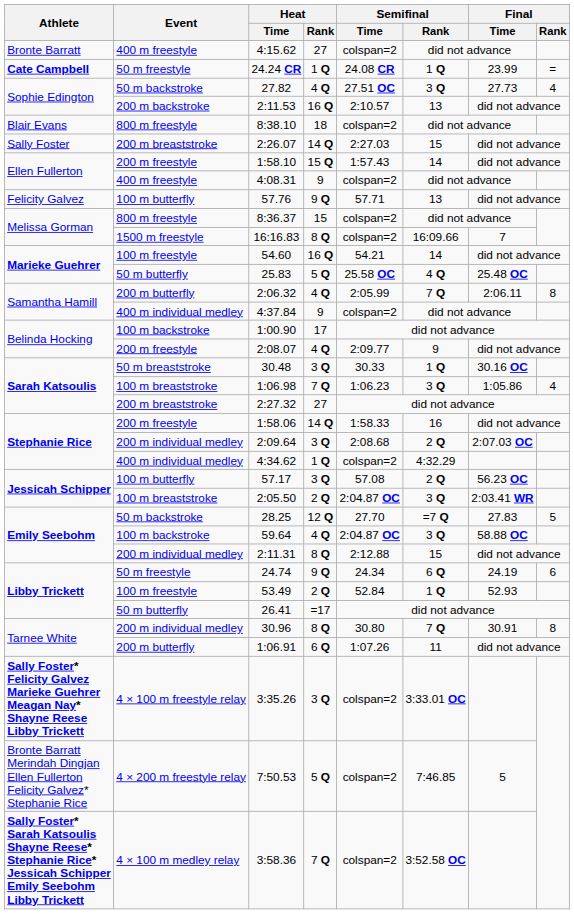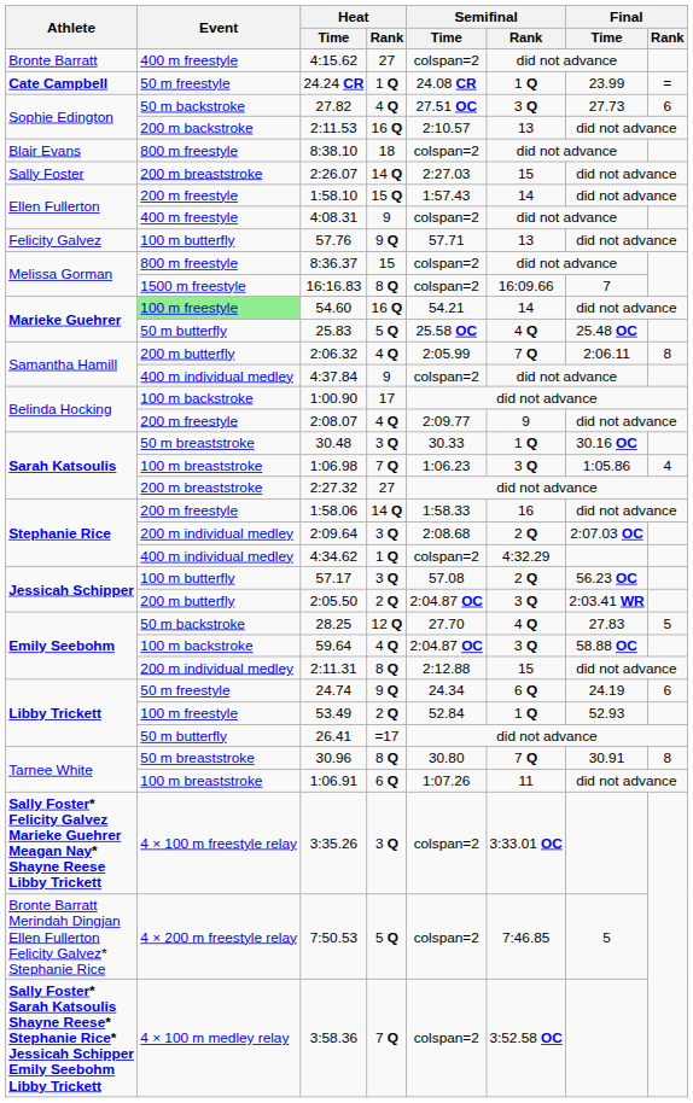 <table class=wikitable style="font-size:90%">
 <tr>
 <th rowspan="2">Athlete</th>
 <th rowspan="2">Event</th>
 <th colspan="2">Heat</th>
 <th colspan="2">Semifinal</th>
 <th colspan="2">Final</th>
 </tr>
 <tr style="font-size:95%">
 <th>Time</th>
 <th>Rank</th>
 <th>Time</th>
 <th>Rank</th>
 <th>Time</th>
 <th>Rank</th>
 </tr>
 <tr align=center>
 <td align=left><a href='#'>Bronte Barratt</a></td>
 <td align=left><a href='#'>400 m freestyle</a></td>
 <td>4:15.62</td>
 <td>27</td>
 <td>colspan=2 </td>
 <td colspan=2>did not advance</td>
 </tr>
 <tr align=center>
 <td align=left><strong><a href='#'>Cate Campbell</a></strong></td>
 <td align=left><a href='#'>50 m freestyle</a></td>
 <td>24.24 <strong><a href='#'>CR</a></strong></td>
 <td>1 <strong>Q</strong></td>
 <td>24.08 <strong><a href='#'>CR</a></strong></td>
 <td>1 <strong>Q</strong></td>
 <td>23.99</td>
 <td>=</td>
 </tr>
 <tr align=center>
 <td align=left rowspan=2><a href='#'>Sophie Edington</a></td>
 <td align=left><a href='#'>50 m backstroke</a></td>
 <td>27.82</td>
 <td>4 <strong>Q</strong></td>
 <td>27.51 <strong><a href='#'>OC</a></strong></td>
 <td>3 <strong>Q</strong></td>
 <td>27.73</td>
-<td>4</td>
+<td>6</td>
 </tr>
 <tr align=center>
 <td align=left><a href='#'>200 m backstroke</a></td>
 <td>2:11.53</td>
 <td>16 <strong>Q</strong></td>
 <td>2:10.57</td>
 <td>13</td>
 <td colspan=2>did not advance</td>
 </tr>
 <tr align=center>
 <td align=left><a href='#'>Blair Evans</a></td>
 <td align=left><a href='#'>800 m freestyle</a></td>
 <td>8:38.10</td>
 <td>18</td>
 <td>colspan=2 </td>
 <td colspan=2>did not advance</td>
 </tr>
 <tr align=center>
 <td align=left><a href='#'>Sally Foster</a></td>
 <td align=left><a href='#'>200 m breaststroke</a></td>
 <td>2:26.07</td>
 <td>14 <strong>Q</strong></td>
 <td>2:27.03</td>
 <td>15</td>
 <td colspan=2>did not advance</td>
 </tr>
 <tr align=center>
 <td align=left rowspan=2><a href='#'>Ellen Fullerton</a></td>
 <td align=left><a href='#'>200 m freestyle</a></td>
 <td>1:58.10</td>
 <td>15 <strong>Q</strong></td>
 <td>1:57.43</td>
 <td>14</td>
 <td colspan=2>did not advance</td>
 </tr>
 <tr align=center>
 <td align=left><a href='#'>400 m freestyle</a></td>
 <td>4:08.31</td>
 <td>9</td>
 <td>colspan=2 </td>
 <td colspan=2>did not advance</td>
 </tr>
 <tr align=center>
 <td align=left><a href='#'>Felicity Galvez</a></td>
 <td align=left><a href='#'>100 m butterfly</a></td>
 <td>57.76</td>
 <td>9 <strong>Q</strong></td>
 <td>57.71</td>
 <td>13</td>
 <td colspan=2>did not advance</td>
 </tr>
 <tr align=center>
 <td align=left rowspan=2><a href='#'>Melissa Gorman</a></td>
 <td align=left><a href='#'>800 m freestyle</a></td>
 <td>8:36.37</td>
 <td>15</td>
 <td>colspan=2 </td>
 <td colspan=2>did not advance</td>
 </tr>
 <tr align=center>
 <td align=left><a href='#'>1500 m freestyle</a></td>
 <td>16:16.83</td>
 <td>8 <strong>Q</strong></td>
 <td>colspan=2 </td>
 <td>16:09.66</td>
 <td>7</td>
 </tr>
 <tr align=center>
 <td align=left rowspan=2><strong><a href='#'>Marieke Guehrer</a></strong></td>
-<td align=left><a href='#'>100 m freestyle</a></td>
+<td align=left style="background: lightgreen;"><a href='#'>100 m freestyle</a></td>
 <td>54.60</td>
 <td>16 <strong>Q</strong></td>
 <td>54.21</td>
 <td>14</td>
 <td colspan=2>did not advance</td>
 </tr>
 <tr align=center>
 <td align=left><a href='#'>50 m butterfly</a></td>
 <td>25.83</td>
 <td>5 <strong>Q</strong></td>
 <td>25.58 <strong><a href='#'>OC</a></strong></td>
 <td>4 <strong>Q</strong></td>
 <td>25.48 <strong><a href='#'>OC</a></strong></td>
 <td></td>
 </tr>
 <tr align=center>
 <td align=left rowspan=2><a href='#'>Samantha Hamill</a></td>
 <td align=left><a href='#'>200 m butterfly</a></td>
 <td>2:06.32</td>
 <td>4 <strong>Q</strong></td>
 <td>2:05.99</td>
 <td>7 <strong>Q</strong></td>
 <td>2:06.11</td>
 <td>8</td>
 </tr>
 <tr align=center>
 <td align=left><a href='#'>400 m individual medley</a></td>
 <td>4:37.84</td>
 <td>9</td>
 <td>colspan=2 </td>
 <td colspan=2>did not advance</td>
 </tr>
 <tr align=center>
 <td align=left rowspan=2><a href='#'>Belinda Hocking</a></td>
 <td align=left><a href='#'>100 m backstroke</a></td>
 <td>1:00.90</td>
 <td>17</td>
 <td colspan=4>did not advance</td>
 </tr>
 <tr align=center>
 <td align=left><a href='#'>200 m freestyle</a></td>
 <td>2:08.07</td>
 <td>4 <strong>Q</strong></td>
 <td>2:09.77</td>
 <td>9</td>
 <td colspan=2>did not advance</td>
 </tr>
 <tr align=center>
 <td align=left rowspan=3><strong><a href='#'>Sarah Katsoulis</a></strong></td>
 <td align=left><a href='#'>50 m breaststroke</a></td>
 <td>30.48</td>
 <td>3 <strong>Q</strong></td>
 <td>30.33</td>
 <td>1 <strong>Q</strong></td>
 <td>30.16 <strong><a href='#'>OC</a></strong></td>
 <td></td>
 </tr>
 <tr align=center>
 <td align=left><a href='#'>100 m breaststroke</a></td>
 <td>1:06.98</td>
 <td>7 <strong>Q</strong></td>
 <td>1:06.23</td>
 <td>3 <strong>Q</strong></td>
 <td>1:05.86</td>
 <td>4</td>
 </tr>
 <tr align=center>
 <td align=left><a href='#'>200 m breaststroke</a></td>
 <td>2:27.32</td>
 <td>27</td>
 <td colspan=4>did not advance</td>
 </tr>
 <tr align=center>
 <td align=left rowspan=3><strong><a href='#'>Stephanie Rice</a></strong></td>
 <td align=left><a href='#'>200 m freestyle</a></td>
 <td>1:58.06</td>
 <td>14 <strong>Q</strong></td>
 <td>1:58.33</td>
 <td>16</td>
 <td colspan=2>did not advance</td>
 </tr>
 <tr align=center>
 <td align=left><a href='#'>200 m individual medley</a></td>
 <td>2:09.64</td>
 <td>3 <strong>Q</strong></td>
 <td>2:08.68</td>
 <td>2 <strong>Q</strong></td>
 <td>2:07.03 <strong><a href='#'>OC</a></strong></td>
 <td></td>
 </tr>
 <tr align=center>
 <td align=left><a href='#'>400 m individual medley</a></td>
 <td>4:34.62</td>
 <td>1 <strong>Q</strong></td>
 <td>colspan=2 </td>
 <td>4:32.29</td>
 <td></td>
 </tr>
 <tr align=center>
 <td align=left rowspan=2><strong><a href='#'>Jessicah Schipper</a></strong></td>
 <td align=left><a href='#'>100 m butterfly</a></td>
 <td>57.17</td>
 <td>3 <strong>Q</strong></td>
 <td>57.08</td>
 <td>2 <strong>Q</strong></td>
 <td>56.23 <strong><a href='#'>OC</a></strong></td>
 <td></td>
 </tr>
 <tr align=center>
-<td align=left><a href='#'>100 m breaststroke</a></td>
+<td align=left><a href='#'>200 m butterfly</a></td>
 <td>2:05.50</td>
 <td>2 <strong>Q</strong></td>
 <td>2:04.87 <strong><a href='#'>OC</a></strong></td>
 <td>3 <strong>Q</strong></td>
 <td>2:03.41 <strong><a href='#'>WR</a></strong></td>
 <td></td>
 </tr>
 <tr align=center>
 <td align=left rowspan=3><strong><a href='#'>Emily Seebohm</a></strong></td>
 <td align=left><a href='#'>50 m backstroke</a></td>
 <td>28.25</td>
 <td>12 <strong>Q</strong></td>
 <td>27.70</td>
-<td>=7 <strong>Q</strong></td>
+<td>4 <strong>Q</strong></td>
 <td>27.83</td>
 <td>5</td>
 </tr>
 <tr align=center>
 <td align=left><a href='#'>100 m backstroke</a></td>
 <td>59.64</td>
 <td>4 <strong>Q</strong></td>
 <td>2:04.87 <strong><a href='#'>OC</a></strong></td>
 <td>3 <strong>Q</strong></td>
 <td>58.88 <strong><a href='#'>OC</a></strong></td>
 <td></td>
 </tr>
 <tr align=center>
 <td align=left><a href='#'>200 m individual medley</a></td>
 <td>2:11.31</td>
 <td>8 <strong>Q</strong></td>
 <td>2:12.88</td>
 <td>15</td>
 <td colspan=2>did not advance</td>
 </tr>
 <tr align=center>
 <td align=left rowspan=3><strong><a href='#'>Libby Trickett</a></strong></td>
 <td align=left><a href='#'>50 m freestyle</a></td>
 <td>24.74</td>
 <td>9 <strong>Q</strong></td>
 <td>24.34</td>
 <td>6 <strong>Q</strong></td>
 <td>24.19</td>
 <td>6</td>
 </tr>
 <tr align=center>
 <td align=left><a href='#'>100 m freestyle</a></td>
 <td>53.49</td>
 <td>2 <strong>Q</strong></td>
 <td>52.84</td>
 <td>1 <strong>Q</strong></td>
 <td>52.93</td>
 <td></td>
 </tr>
 <tr align=center>
 <td align=left><a href='#'>50 m butterfly</a></td>
 <td>26.41</td>
 <td>=17</td>
 <td colspan=4>did not advance</td>
 </tr>
 <tr align=center>
 <td align=left rowspan=2><a href='#'>Tarnee White</a></td>
-<td align=left><a href='#'>200 m individual medley</a></td>
+<td align=left><a href='#'>50 m breaststroke</a></td>
 <td>30.96</td>
 <td>8 <strong>Q</strong></td>
 <td>30.80</td>
 <td>7 <strong>Q</strong></td>
 <td>30.91</td>
 <td>8</td>
 </tr>
 <tr align=center>
-<td align=left><a href='#'>200 m butterfly</a></td>
+<td align=left><a href='#'>100 m breaststroke</a></td>
 <td>1:06.91</td>
 <td>6 <strong>Q</strong></td>
 <td>1:07.26</td>
 <td>11</td>
 <td colspan=2>did not advance</td>
 </tr>
 <tr align=center>
 <td align=left><strong><a href='#'>Sally Foster</a>*<br><a href='#'>Felicity Galvez</a><br><a href='#'>Marieke Guehrer</a><br><a href='#'>Meagan Nay</a>*<br><a href='#'>Shayne Reese</a><br><a href='#'>Libby Trickett</a></strong></td>
 <td align=left><a href='#'>4 × 100 m freestyle relay</a></td>
 <td>3:35.26</td>
 <td>3 <strong>Q</strong></td>
 <td>colspan=2 </td>
 <td>3:33.01 <strong><a href='#'>OC</a></strong></td>
 <td></td>
 </tr>
 <tr align=center>
 <td align=left><a href='#'>Bronte Barratt</a><br><a href='#'>Merindah Dingjan</a><br><a href='#'>Ellen Fullerton</a><br><a href='#'>Felicity Galvez</a>*<br><a href='#'>Stephanie Rice</a></td>
 <td align=left><a href='#'>4 × 200 m freestyle relay</a></td>
 <td>7:50.53</td>
 <td>5 <strong>Q</strong></td>
 <td>colspan=2 </td>
 <td>7:46.85</td>
 <td>5</td>
 </tr>
 <tr align=center>
 <td align=left><strong><a href='#'>Sally Foster</a>*<br><a href='#'>Sarah Katsoulis</a><br><a href='#'>Shayne Reese</a>*<br><a href='#'>Stephanie Rice</a>*<br><a href='#'>Jessicah Schipper</a><br><a href='#'>Emily Seebohm</a><br><a href='#'>Libby Trickett</a></strong></td>
 <td align=left><a href='#'>4 × 100 m medley relay</a></td>
 <td>3:58.36</td>
 <td>7 <strong>Q</strong></td>
 <td>colspan=2 </td>
 <td>3:52.58 <strong><a href='#'>OC</a></strong></td>
 <td></td>
 </tr>
 </table>
